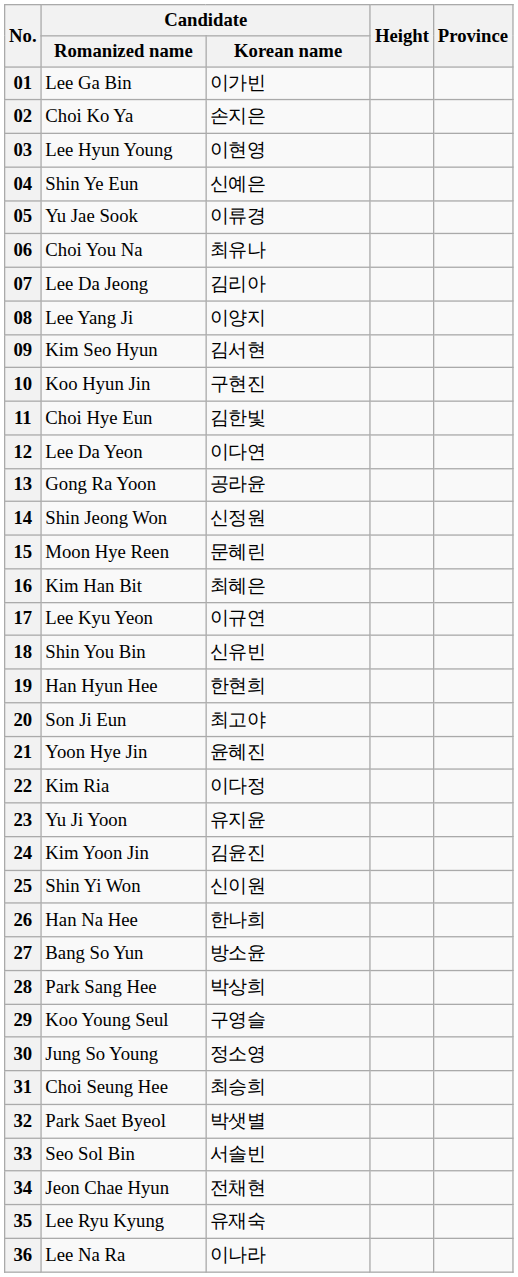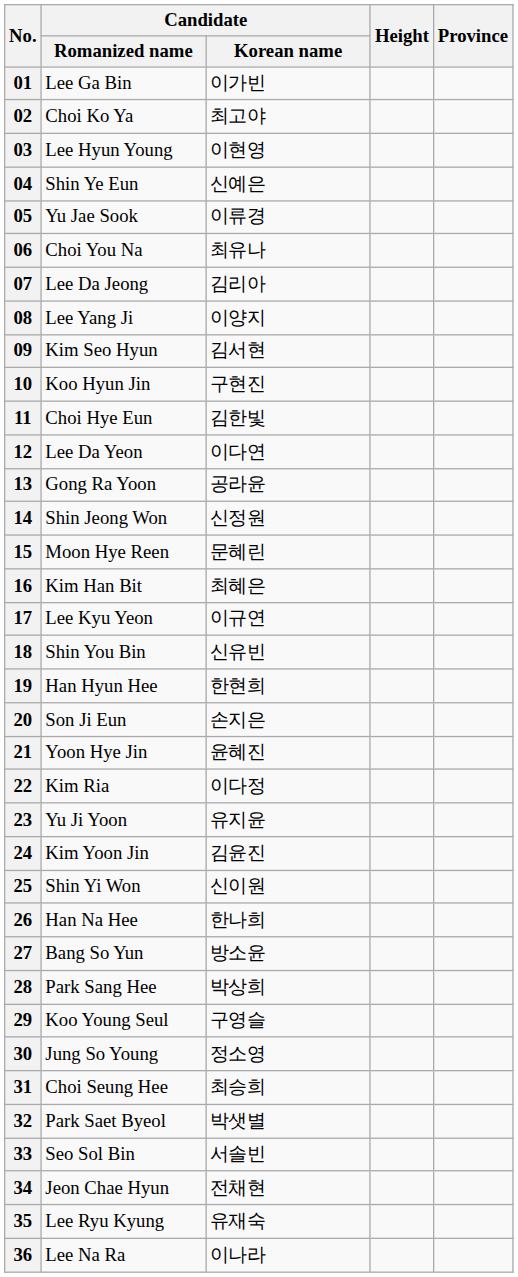 <table class="wikitable" style="font-size: 90%;">
 <tr>
 <th rowspan=2>No.</th>
 <th colspan=2>Candidate</th>
 <th rowspan=2>Height</th>
 <th rowspan=2>Province</th>
 </tr>
 <tr>
 <th width=120px>Romanized name</th>
 <th width=120px>Korean name</th>
 </tr>
 <tr>
 <th>01</th>
 <td>Lee Ga Bin</td>
 <td>이가빈</td>
 <td></td>
 <td><strong></strong></td>
 </tr>
 <tr>
 <th>02</th>
 <td>Choi Ko Ya</td>
-<td>손지은</td>
+<td>최고야</td>
 <td></td>
 <td><strong></strong></td>
 </tr>
 <tr>
 <th>03</th>
 <td>Lee Hyun Young</td>
 <td>이현영</td>
 <td></td>
 <td><strong></strong></td>
 </tr>
 <tr>
 <th>04</th>
 <td>Shin Ye Eun</td>
 <td>신예은</td>
 <td></td>
 <td><strong></strong></td>
 </tr>
 <tr>
 <th>05</th>
 <td>Yu Jae Sook</td>
 <td>이류경</td>
 <td></td>
 <td><strong></strong></td>
 </tr>
 <tr>
 <th>06</th>
 <td>Choi You Na</td>
 <td>최유나</td>
 <td></td>
 <td><strong></strong></td>
 </tr>
 <tr>
 <th>07</th>
 <td>Lee Da Jeong</td>
 <td>김리아</td>
 <td></td>
 <td><strong></strong></td>
 </tr>
 <tr>
 <th>08</th>
 <td>Lee Yang Ji</td>
 <td>이양지</td>
 <td></td>
 <td><strong></strong></td>
 </tr>
 <tr>
 <th>09</th>
 <td>Kim Seo Hyun</td>
 <td>김서현</td>
 <td></td>
 <td><strong></strong></td>
 </tr>
 <tr>
 <th>10</th>
 <td>Koo Hyun Jin</td>
 <td>구현진</td>
 <td></td>
 <td><strong></strong></td>
 </tr>
 <tr>
 <th>11</th>
 <td>Choi Hye Eun</td>
 <td>김한빛</td>
 <td></td>
 <td><strong></strong></td>
 </tr>
 <tr>
 <th>12</th>
 <td>Lee Da Yeon</td>
 <td>이다연</td>
 <td></td>
 <td><strong></strong></td>
 </tr>
 <tr>
 <th>13</th>
 <td>Gong Ra Yoon</td>
 <td>공라윤</td>
 <td></td>
 <td><strong></strong></td>
 </tr>
 <tr>
 <th>14</th>
 <td>Shin Jeong Won</td>
 <td>신정원</td>
 <td></td>
 <td><strong></strong></td>
 </tr>
 <tr>
 <th>15</th>
 <td>Moon Hye Reen</td>
 <td>문혜린</td>
 <td></td>
 <td><strong></strong></td>
 </tr>
 <tr>
 <th>16</th>
 <td>Kim Han Bit</td>
 <td>최혜은</td>
 <td></td>
 <td><strong></strong></td>
 </tr>
 <tr>
 <th>17</th>
 <td>Lee Kyu Yeon</td>
 <td>이규연</td>
 <td></td>
 <td><strong></strong></td>
 </tr>
 <tr>
 <th>18</th>
 <td>Shin You Bin</td>
 <td>신유빈</td>
 <td></td>
 <td><strong></strong></td>
 </tr>
 <tr>
 <th>19</th>
 <td>Han Hyun Hee</td>
 <td>한현희</td>
 <td></td>
 <td><strong></strong></td>
 </tr>
 <tr>
 <th>20</th>
 <td>Son Ji Eun</td>
-<td>최고야</td>
+<td>손지은</td>
 <td></td>
 <td><strong></strong></td>
 </tr>
 <tr>
 <th>21</th>
 <td>Yoon Hye Jin</td>
 <td>윤혜진</td>
 <td></td>
 <td><strong></strong></td>
 </tr>
 <tr>
 <th>22</th>
 <td>Kim Ria</td>
 <td>이다정</td>
 <td></td>
 <td><strong></strong></td>
 </tr>
 <tr>
 <th>23</th>
 <td>Yu Ji Yoon</td>
 <td>유지윤</td>
 <td></td>
 <td><strong></strong></td>
 </tr>
 <tr>
 <th>24</th>
 <td>Kim Yoon Jin</td>
 <td>김윤진</td>
 <td></td>
 <td><strong></strong></td>
 </tr>
 <tr>
 <th>25</th>
 <td>Shin Yi Won</td>
 <td>신이원</td>
 <td></td>
 <td><strong></strong></td>
 </tr>
 <tr>
 <th>26</th>
 <td>Han Na Hee</td>
 <td>한나희</td>
 <td></td>
 <td><strong></strong></td>
 </tr>
 <tr>
 <th>27</th>
 <td>Bang So Yun</td>
 <td>방소윤</td>
 <td></td>
 <td><strong></strong></td>
 </tr>
 <tr>
 <th>28</th>
 <td>Park Sang Hee</td>
 <td>박상희</td>
 <td></td>
 <td><strong></strong></td>
 </tr>
 <tr>
 <th>29</th>
 <td>Koo Young Seul</td>
 <td>구영슬</td>
 <td></td>
 <td><strong></strong></td>
 </tr>
 <tr>
 <th>30</th>
 <td>Jung So Young</td>
 <td>정소영</td>
 <td></td>
 <td><strong></strong></td>
 </tr>
 <tr>
 <th>31</th>
 <td>Choi Seung Hee</td>
 <td>최승희</td>
 <td></td>
 <td><strong></strong></td>
 </tr>
 <tr>
 <th>32</th>
 <td>Park Saet Byeol</td>
 <td>박샛별</td>
 <td></td>
 <td><strong></strong></td>
 </tr>
 <tr>
 <th>33</th>
 <td>Seo Sol Bin</td>
 <td>서솔빈</td>
 <td></td>
 <td><strong></strong></td>
 </tr>
 <tr>
 <th>34</th>
 <td>Jeon Chae Hyun</td>
 <td>전채현</td>
 <td></td>
 <td><strong></strong></td>
 </tr>
 <tr>
 <th>35</th>
 <td>Lee Ryu Kyung</td>
 <td>유재숙</td>
 <td></td>
 <td><strong></strong></td>
 </tr>
 <tr>
 <th>36</th>
 <td>Lee Na Ra</td>
 <td>이나라</td>
 <td></td>
 <td><strong></strong></td>
 </tr>
 </table>
